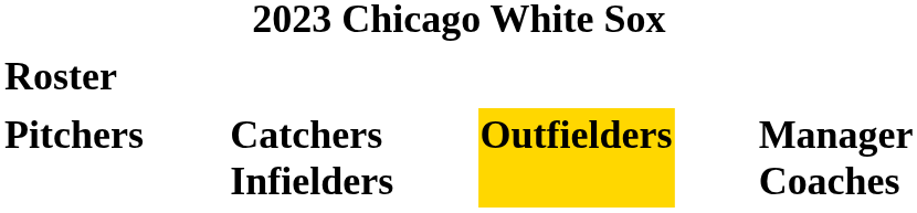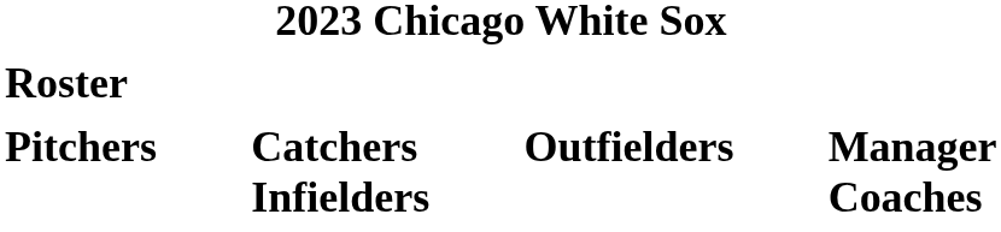 <table class="toccolours" style="font-size: 95%;">
 <tr>
 <th colspan="10">2023 Chicago White Sox</th>
 </tr>
 <tr>
 <td colspan="10"><strong>Roster</strong></td>
 </tr>
 <tr>
 <td valign="top"><strong>Pitchers</strong><br>                              </td>
 <td style="width:25px;"></td>
 <td valign="top"><strong>Catchers</strong><br>    <strong>Infielders</strong>          </td>
 <td style="width:25px;"></td>
-<td valign="top" style="background: gold;"><strong>Outfielders</strong><br>          </td>
+<td valign="top"><strong>Outfielders</strong><br>          </td>
 <td style="width:25px;"></td>
 <td valign="top"><strong>Manager</strong><br> <strong>Coaches</strong>                    </td>
 </tr>
 </table>
